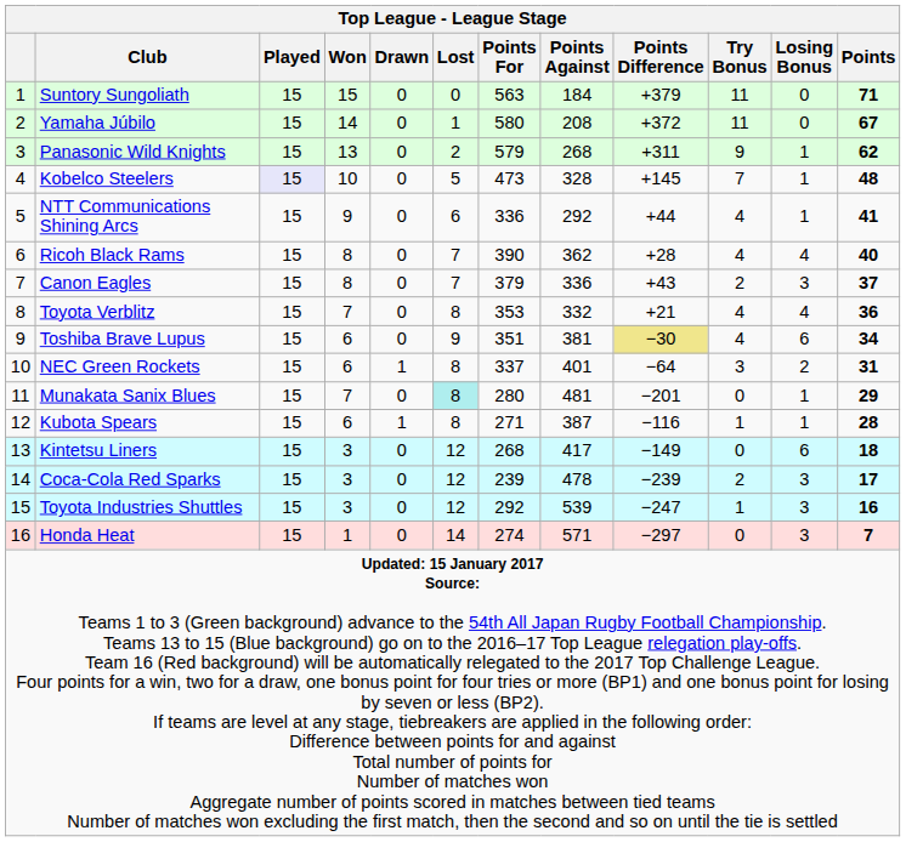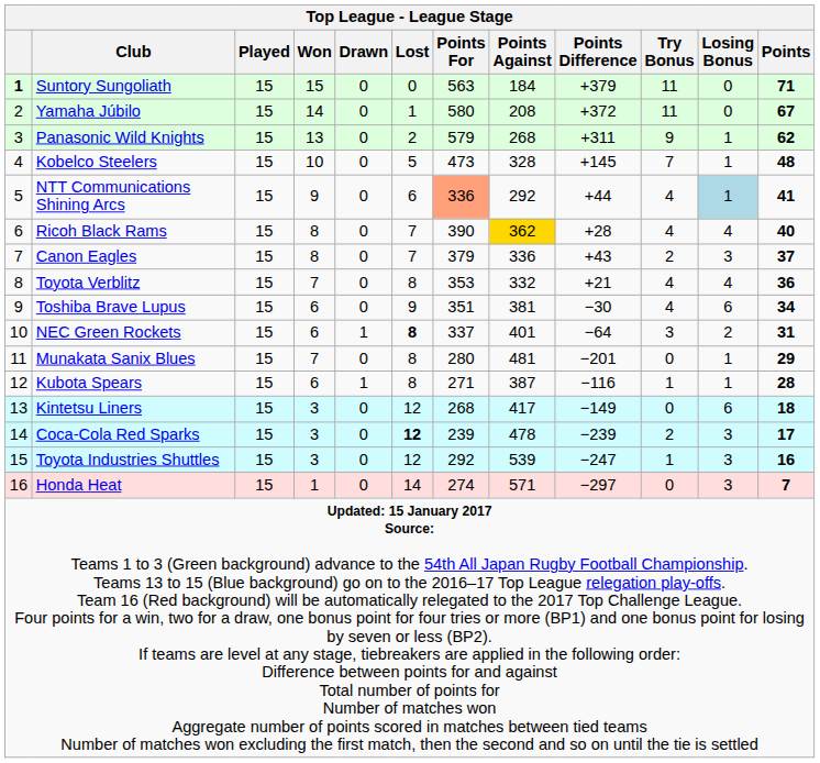 <table class="wikitable" style="text-align:center">
 <tr>
 <th colspan="15" cellpadding="0" cellspacing="0"><strong>Top League - League Stage</strong></th>
 </tr>
 <tr>
 <th style="width:20px;"></th>
 <th style="width:195px;">Club</th>
 <th style="width:20px;">Played</th>
 <th style="width:20px;">Won</th>
 <th style="width:20px;">Drawn</th>
 <th style="width:20px;">Lost</th>
 <th style="width:20px;">Points For</th>
 <th style="width:20px;">Points Against</th>
 <th style="width:20px;">Points Difference</th>
 <th style="width:20px;">Try Bonus</th>
 <th style="width:20px;">Losing Bonus</th>
 <th style="width:20px;">Points<br></th>
 </tr>
 <tr style="background:#dfd">
-<td>1</td>
+<td><strong>1</strong></td>
 <td align=left><a href='#'>Suntory Sungoliath</a></td>
 <td>15</td>
 <td>15</td>
 <td>0</td>
 <td>0</td>
 <td>563</td>
 <td>184</td>
 <td>+379</td>
 <td>11</td>
 <td>0</td>
 <td><strong>71</strong></td>
 </tr>
 <tr style="background:#dfd">
 <td>2</td>
 <td align=left><a href='#'>Yamaha Júbilo</a></td>
 <td>15</td>
 <td>14</td>
 <td>0</td>
 <td>1</td>
 <td>580</td>
 <td>208</td>
 <td>+372</td>
 <td>11</td>
 <td>0</td>
 <td><strong>67</strong></td>
 </tr>
 <tr style="background:#dfd">
 <td>3</td>
 <td align=left><a href='#'>Panasonic Wild Knights</a></td>
 <td>15</td>
 <td>13</td>
 <td>0</td>
 <td>2</td>
 <td>579</td>
 <td>268</td>
 <td>+311</td>
 <td>9</td>
 <td>1</td>
 <td><strong>62</strong></td>
 </tr>
 <tr>
 <td>4</td>
 <td align=left><a href='#'>Kobelco Steelers</a></td>
-<td style="background: lavender;">15</td>
+<td>15</td>
 <td>10</td>
 <td>0</td>
 <td>5</td>
 <td>473</td>
 <td>328</td>
 <td>+145</td>
 <td>7</td>
 <td>1</td>
 <td><strong>48</strong></td>
 </tr>
 <tr>
 <td>5</td>
 <td align=left><a href='#'>NTT Communications Shining Arcs</a></td>
 <td>15</td>
 <td>9</td>
 <td>0</td>
 <td>6</td>
-<td>336</td>
+<td style="background: lightsalmon;">336</td>
 <td>292</td>
 <td>+44</td>
 <td>4</td>
-<td>1</td>
+<td style="background: lightblue;">1</td>
 <td><strong>41</strong></td>
 </tr>
 <tr>
 <td>6</td>
 <td align=left><a href='#'>Ricoh Black Rams</a></td>
 <td>15</td>
 <td>8</td>
 <td>0</td>
 <td>7</td>
 <td>390</td>
-<td>362</td>
+<td style="background: gold;">362</td>
 <td>+28</td>
 <td>4</td>
 <td>4</td>
 <td><strong>40</strong></td>
 </tr>
 <tr>
 <td>7</td>
 <td align=left><a href='#'>Canon Eagles</a></td>
 <td>15</td>
 <td>8</td>
 <td>0</td>
 <td>7</td>
 <td>379</td>
 <td>336</td>
 <td>+43</td>
 <td>2</td>
 <td>3</td>
 <td><strong>37</strong></td>
 </tr>
 <tr>
 <td>8</td>
 <td align=left><a href='#'>Toyota Verblitz</a></td>
 <td>15</td>
 <td>7</td>
 <td>0</td>
 <td>8</td>
 <td>353</td>
 <td>332</td>
 <td>+21</td>
 <td>4</td>
 <td>4</td>
 <td><strong>36</strong></td>
 </tr>
 <tr>
 <td>9</td>
 <td align=left><a href='#'>Toshiba Brave Lupus</a></td>
 <td>15</td>
 <td>6</td>
 <td>0</td>
 <td>9</td>
 <td>351</td>
 <td>381</td>
-<td style="background: khaki;">−30</td>
+<td>−30</td>
 <td>4</td>
 <td>6</td>
 <td><strong>34</strong></td>
 </tr>
 <tr>
 <td>10</td>
 <td align=left><a href='#'>NEC Green Rockets</a></td>
 <td>15</td>
 <td>6</td>
 <td>1</td>
-<td>8</td>
+<td><strong>8</strong></td>
 <td>337</td>
 <td>401</td>
 <td>−64</td>
 <td>3</td>
 <td>2</td>
 <td><strong>31</strong></td>
 </tr>
 <tr>
 <td>11</td>
 <td align=left><a href='#'>Munakata Sanix Blues</a></td>
 <td>15</td>
 <td>7</td>
 <td>0</td>
-<td style="background: paleturquoise;">8</td>
+<td>8</td>
 <td>280</td>
 <td>481</td>
 <td>−201</td>
 <td>0</td>
 <td>1</td>
 <td><strong>29</strong></td>
 </tr>
 <tr>
 <td>12</td>
 <td align=left><a href='#'>Kubota Spears</a></td>
 <td>15</td>
 <td>6</td>
 <td>1</td>
 <td>8</td>
 <td>271</td>
 <td>387</td>
 <td>−116</td>
 <td>1</td>
 <td>1</td>
 <td><strong>28</strong></td>
 </tr>
 <tr style="background:#cffcff">
 <td>13</td>
 <td align=left><a href='#'>Kintetsu Liners</a></td>
 <td>15</td>
 <td>3</td>
 <td>0</td>
 <td>12</td>
 <td>268</td>
 <td>417</td>
 <td>−149</td>
 <td>0</td>
 <td>6</td>
 <td><strong>18</strong></td>
 </tr>
 <tr style="background:#cffcff">
 <td>14</td>
 <td align=left><a href='#'>Coca-Cola Red Sparks</a></td>
 <td>15</td>
 <td>3</td>
 <td>0</td>
-<td>12</td>
+<td><strong>12</strong></td>
 <td>239</td>
 <td>478</td>
 <td>−239</td>
 <td>2</td>
 <td>3</td>
 <td><strong>17</strong></td>
 </tr>
 <tr style="background:#cffcff">
 <td>15</td>
 <td align=left><a href='#'>Toyota Industries Shuttles</a></td>
 <td>15</td>
 <td>3</td>
 <td>0</td>
 <td>12</td>
 <td>292</td>
 <td>539</td>
 <td>−247</td>
 <td>1</td>
 <td>3</td>
 <td><strong>16</strong></td>
 </tr>
 <tr style="background:#fdd">
 <td>16</td>
 <td align=left><a href='#'>Honda Heat</a></td>
 <td>15</td>
 <td>1</td>
 <td>0</td>
 <td>14</td>
 <td>274</td>
 <td>571</td>
 <td>−297</td>
 <td>0</td>
 <td>3</td>
 <td><strong>7</strong></td>
 </tr>
 <tr style="background:#f9f9f9">
 <td colspan="15" style="border:0"><small><strong>Updated: 15 January 2017</strong> </small><br><small><strong>Source:</strong> </small><br><br>Teams 1 to 3 <span>(Green background)</span> advance to the <a href='#'>54th All Japan Rugby Football Championship</a>.<br> Teams 13 to 15 <span>(Blue background)</span> go on to the 2016–17 Top League <a href='#'>relegation play-offs</a>.<br> Team 16 <span>(Red background)</span> will be automatically relegated to the 2017 Top Challenge League.<br>Four points for a win, two for a draw, one bonus point for four tries or more (BP1) and one bonus point for losing by seven or less (BP2).<br> If teams are level at any stage, tiebreakers are applied in the following order:<br>  Difference between points for and against<br>  Total number of points for<br>  Number of matches won<br>  Aggregate number of points scored in matches between tied teams<br>  Number of matches won excluding the first match, then the second and so on until the tie is settled<br></td>
 </tr>
 </table>
